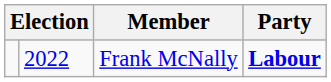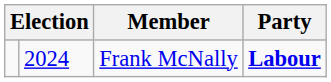 <table class="wikitable">
 <tr>
 <th colspan="2">Election</th>
 <th>Member</th>
 <th>Party</th>
 </tr>
 <tr>
 <td style="color:inherit;background-color: "></td>
-<td><a href='#'>2022</a></td>
+<td><a href='#'>2024</a></td>
 <td><a href='#'>Frank McNally</a></td>
 <td><strong><a href='#'>Labour</a></strong></td>
 </tr>
 </table>
